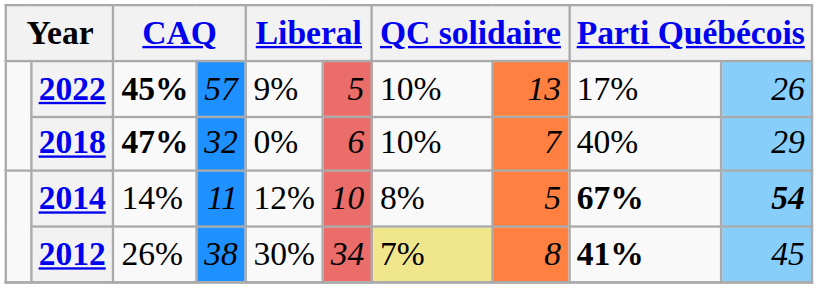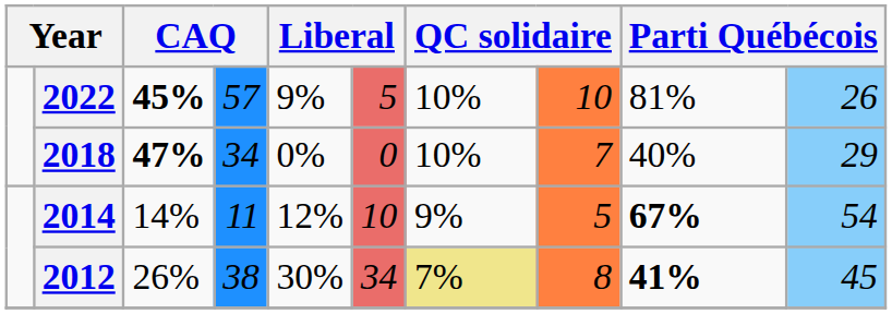 <table class="wikitable" style="width:400; font-size:90%; margin-left:1em;">
 <tr>
 <th colspan="2" scope="col">Year</th>
 <th colspan="2" scope="col"><a href='#'>CAQ</a></th>
 <th colspan="2" scope="col"><a href='#'>Liberal</a></th>
 <th colspan="2" scope="col"><a href='#'>QC solidaire</a></th>
 <th colspan="2" scope="col"><a href='#'>Parti Québécois</a></th>
 </tr>
 <tr>
 <td rowspan="2" style="width: 0.25em; background-color: "></td>
 <th><a href='#'>2022</a></th>
 <td><strong>45%</strong></td>
 <td style="text-align:right; background:#1E90FF;"><em>57</em></td>
 <td>9%</td>
 <td style="text-align:right; background:#EA6D6A;"><em>5</em></td>
 <td>10%</td>
-<td style="text-align:right; background:#FF8040;"><em>13</em></td>
-<td>17%</td>
+<td style="text-align:right; background:#FF8040;"><em>10</em></td>
+<td>81%</td>
 <td style="text-align:right; background:#87CEFA;"><em>26</em></td>
 </tr>
 <tr>
 <th><a href='#'>2018</a></th>
 <td><strong>47%</strong></td>
-<td style="text-align:right; background:#1E90FF;"><em>32</em></td>
+<td style="text-align:right; background:#1E90FF;"><em>34</em></td>
 <td>0%</td>
-<td style="text-align:right; background:#EA6D6A;"><em>6</em></td>
+<td style="text-align:right; background:#EA6D6A;"><em>0</em></td>
 <td>10%</td>
 <td style="text-align:right; background:#FF8040;"><em>7</em></td>
 <td>40%</td>
 <td style="text-align:right; background:#87CEFA;"><em>29</em></td>
 </tr>
 <tr>
 <td rowspan="2" style="width: 0.25em; background-color: "></td>
 <th><a href='#'>2014</a></th>
 <td>14%</td>
 <td style="text-align:right; background:#1E90FF;"><em>11</em></td>
 <td>12%</td>
 <td style="text-align:right; background:#EA6D6A;"><em>10</em></td>
-<td>8%</td>
+<td>9%</td>
 <td style="text-align:right; background:#FF8040;"><em>5</em></td>
 <td><strong>67%</strong></td>
-<td style="text-align:right; background:#87CEFA;"><strong><em>54</em></strong></td>
+<td style="text-align:right; background:#87CEFA;"><em>54</em></td>
 </tr>
 <tr>
 <th><a href='#'>2012</a></th>
 <td>26%</td>
 <td style="text-align:right; background:#1E90FF;"><em>38</em></td>
 <td>30%</td>
 <td style="text-align:right; background:#EA6D6A;"><em>34</em></td>
 <td style="background: khaki;">7%</td>
 <td style="text-align:right; background:#FF8040;"><em>8</em></td>
 <td><strong>41%</strong></td>
 <td style="text-align:right; background:#87CEFA;"><em>45</em></td>
 </tr>
 <tr>
 </tr>
 </table>
